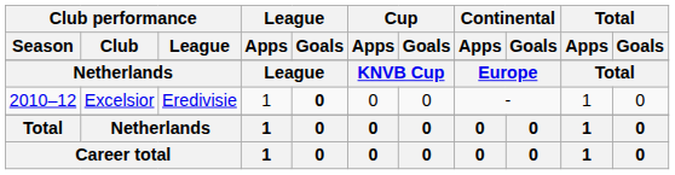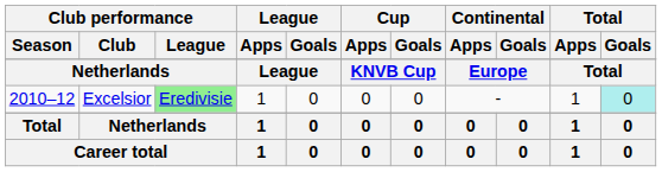 <table class="wikitable" style="text-align:center">
 <tr>
 <th colspan=3>Club performance</th>
 <th colspan=2>League</th>
 <th colspan=2>Cup</th>
 <th colspan=2>Continental</th>
 <th colspan=2>Total</th>
 </tr>
 <tr>
 <th>Season</th>
 <th>Club</th>
 <th>League</th>
 <th>Apps</th>
 <th>Goals</th>
 <th>Apps</th>
 <th>Goals</th>
 <th>Apps</th>
 <th>Goals</th>
 <th>Apps</th>
 <th>Goals</th>
 </tr>
 <tr>
 </tr>
 <tr>
 <th colspan=3>Netherlands</th>
 <th colspan=2>League</th>
 <th colspan=2><a href='#'>KNVB Cup</a></th>
 <th colspan=2><a href='#'>Europe</a></th>
 <th colspan=2>Total</th>
 </tr>
 <tr>
 <td><a href='#'>2010–12</a></td>
 <td><a href='#'>Excelsior</a></td>
-<td><a href='#'>Eredivisie</a></td>
+<td style="background: lightgreen;"><a href='#'>Eredivisie</a></td>
 <td>1</td>
-<td><strong>0</strong></td>
+<td>0</td>
 <td>0</td>
 <td>0</td>
 <td colspan="2">-</td>
 <td>1</td>
-<td>0</td>
+<td style="background: paleturquoise;">0</td>
 </tr>
 <tr>
 </tr>
 <tr>
 <th rowspan=1>Total</th>
 <th colspan=2>Netherlands</th>
 <th>1</th>
 <th>0</th>
 <th>0</th>
 <th>0</th>
 <th>0</th>
 <th>0</th>
 <th>1</th>
 <th>0</th>
 </tr>
 <tr>
 <th colspan=3>Career total</th>
 <th>1</th>
 <th>0</th>
 <th>0</th>
 <th>0</th>
 <th>0</th>
 <th>0</th>
 <th>1</th>
 <th>0</th>
 </tr>
 </table>
